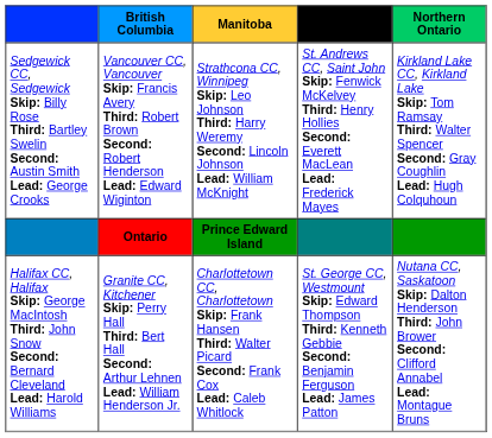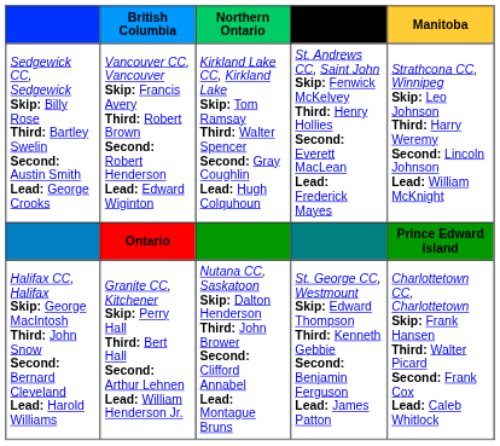 <table - border=1 cellpadding=5 cellspacing=0>
 <tr>
 <th bgcolor=#0033FF width=200></th>
 <th style="background:#09f; width:200px;">British Columbia</th>
+<th style="background:#0c6; width:200px;">Northern Ontario</th>
+<th bgcolor=#000000 width=200></th>
 <th style="background:#FFCC33; width:200px;">Manitoba</th>
-<th bgcolor=#000000 width=200></th>
-<th style="background:#0c6; width:200px;">Northern Ontario</th>
 </tr>
 <tr>
 <td><em><a href='#'>Sedgewick CC</a>, <a href='#'>Sedgewick</a></em><br><strong>Skip:</strong> <a href='#'>Billy Rose</a><br> <strong>Third:</strong> <a href='#'>Bartley Swelin</a><br> <strong>Second:</strong> <a href='#'>Austin Smith</a><br> <strong>Lead:</strong> <a href='#'>George Crooks</a></td>
 <td><em><a href='#'>Vancouver CC</a>, <a href='#'>Vancouver</a></em><br><strong>Skip:</strong> <a href='#'>Francis Avery</a><br> <strong>Third:</strong> <a href='#'>Robert Brown</a><br> <strong>Second:</strong> <a href='#'>Robert Henderson</a><br> <strong>Lead:</strong> <a href='#'>Edward Wiginton</a></td>
+<td><em><a href='#'>Kirkland Lake CC</a>, <a href='#'>Kirkland Lake</a></em><br><strong>Skip:</strong> <a href='#'>Tom Ramsay</a><br> <strong>Third:</strong> <a href='#'>Walter Spencer</a><br> <strong>Second:</strong> <a href='#'>Gray Coughlin</a><br> <strong>Lead:</strong> <a href='#'>Hugh Colquhoun</a></td>
+<td><em><a href='#'>St. Andrews CC</a>, <a href='#'>Saint John</a></em><br><strong>Skip:</strong> <a href='#'>Fenwick McKelvey</a><br> <strong>Third:</strong> <a href='#'>Henry Hollies</a><br> <strong>Second:</strong> <a href='#'>Everett MacLean</a><br> <strong>Lead:</strong> <a href='#'>Frederick Mayes</a></td>
 <td><em><a href='#'>Strathcona CC</a>, <a href='#'>Winnipeg</a></em><br><strong>Skip:</strong> <a href='#'>Leo Johnson</a><br> <strong>Third:</strong> <a href='#'>Harry Weremy</a><br> <strong>Second:</strong> <a href='#'>Lincoln Johnson</a><br> <strong>Lead:</strong> <a href='#'>William McKnight</a></td>
-<td><em><a href='#'>St. Andrews CC</a>, <a href='#'>Saint John</a></em><br><strong>Skip:</strong> <a href='#'>Fenwick McKelvey</a><br> <strong>Third:</strong> <a href='#'>Henry Hollies</a><br> <strong>Second:</strong> <a href='#'>Everett MacLean</a><br> <strong>Lead:</strong> <a href='#'>Frederick Mayes</a></td>
-<td><em><a href='#'>Kirkland Lake CC</a>, <a href='#'>Kirkland Lake</a></em><br><strong>Skip:</strong> <a href='#'>Tom Ramsay</a><br> <strong>Third:</strong> <a href='#'>Walter Spencer</a><br> <strong>Second:</strong> <a href='#'>Gray Coughlin</a><br> <strong>Lead:</strong> <a href='#'>Hugh Colquhoun</a></td>
 </tr>
 <tr border=1 cellpadding=5 cellspacing=0>
 <th bgcolor=#0080C0 width=200></th>
 <th bgcolor=#FF0000 width=200>Ontario</th>
+<th bgcolor=#009900 width=200></th>
+<th style="background:#008080; width:200px;"></th>
 <th style="background:#090; width:200px;">Prince Edward Island</th>
-<th style="background:#008080; width:200px;"></th>
-<th bgcolor=#009900 width=200></th>
 </tr>
 <tr>
 <td><em><a href='#'>Halifax CC</a>, <a href='#'>Halifax</a></em><br><strong>Skip:</strong> <a href='#'>George MacIntosh</a><br> <strong>Third:</strong> <a href='#'>John Snow</a><br> <strong>Second:</strong> <a href='#'>Bernard Cleveland</a><br> <strong>Lead:</strong> <a href='#'>Harold Williams</a></td>
 <td><em><a href='#'>Granite CC</a>, <a href='#'>Kitchener</a></em><br><strong>Skip:</strong> <a href='#'>Perry Hall</a><br> <strong>Third:</strong> <a href='#'>Bert Hall</a><br> <strong>Second:</strong> <a href='#'>Arthur Lehnen</a><br> <strong>Lead:</strong> <a href='#'>William Henderson Jr.</a></td>
+<td><em><a href='#'>Nutana CC</a>, <a href='#'>Saskatoon</a></em><br><strong>Skip:</strong> <a href='#'>Dalton Henderson</a><br> <strong>Third:</strong> <a href='#'>John Brower</a><br> <strong>Second:</strong> <a href='#'>Clifford Annabel</a><br> <strong>Lead:</strong> <a href='#'>Montague Bruns</a></td>
+<td><em><a href='#'>St. George CC</a>, <a href='#'>Westmount</a></em><br><strong>Skip:</strong> <a href='#'>Edward Thompson</a><br> <strong>Third:</strong> <a href='#'>Kenneth Gebbie</a><br> <strong>Second:</strong> <a href='#'>Benjamin Ferguson</a><br> <strong>Lead:</strong> <a href='#'>James Patton</a></td>
 <td><em><a href='#'>Charlottetown CC</a>, <a href='#'>Charlottetown</a></em><br><strong>Skip:</strong> <a href='#'>Frank Hansen</a><br> <strong>Third:</strong> <a href='#'>Walter Picard</a><br> <strong>Second:</strong> <a href='#'>Frank Cox</a><br> <strong>Lead:</strong> <a href='#'>Caleb Whitlock</a></td>
-<td><em><a href='#'>St. George CC</a>, <a href='#'>Westmount</a></em><br><strong>Skip:</strong> <a href='#'>Edward Thompson</a><br> <strong>Third:</strong> <a href='#'>Kenneth Gebbie</a><br> <strong>Second:</strong> <a href='#'>Benjamin Ferguson</a><br> <strong>Lead:</strong> <a href='#'>James Patton</a></td>
-<td><em><a href='#'>Nutana CC</a>, <a href='#'>Saskatoon</a></em><br><strong>Skip:</strong> <a href='#'>Dalton Henderson</a><br> <strong>Third:</strong> <a href='#'>John Brower</a><br> <strong>Second:</strong> <a href='#'>Clifford Annabel</a><br> <strong>Lead:</strong> <a href='#'>Montague Bruns</a></td>
 </tr>
 </table>
